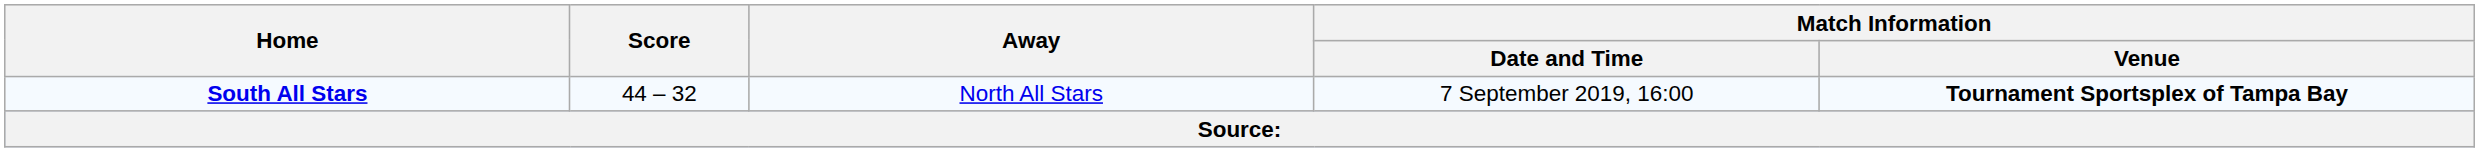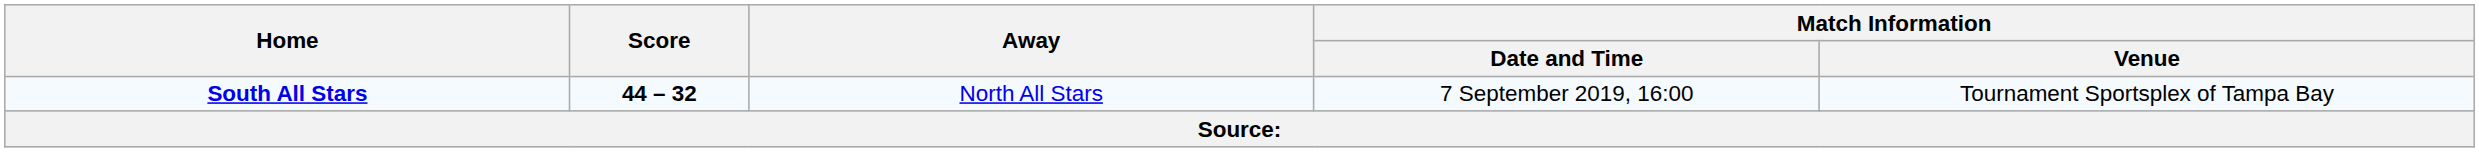 <table class="wikitable" width="100%" style="border-collapse:collapse; font-size:90%; text-align:center;">
 <tr>
 <th rowspan="2" width="19%">Home</th>
 <th rowspan="2" width="6%">Score</th>
 <th rowspan="2" width="19%">Away</th>
 <th colspan="2">Match Information</th>
 </tr>
 <tr bgcolor="#CCCCCC">
 <th width="17%">Date and Time</th>
 <th width="22%">Venue</th>
 </tr>
 <tr bgcolor="#F5FAFF">
 <td><strong><a href='#'>South All Stars</a></strong></td>
-<td>44 – 32</td>
+<td><strong>44 – 32</strong></td>
 <td><a href='#'>North All Stars</a></td>
 <td>7 September 2019, 16:00</td>
-<td><strong>Tournament Sportsplex of Tampa Bay</strong></td>
+<td>Tournament Sportsplex of Tampa Bay</td>
 </tr>
 <tr bgcolor="#C1D8FF">
 <th colspan="5">Source:</th>
 </tr>
 </table>
